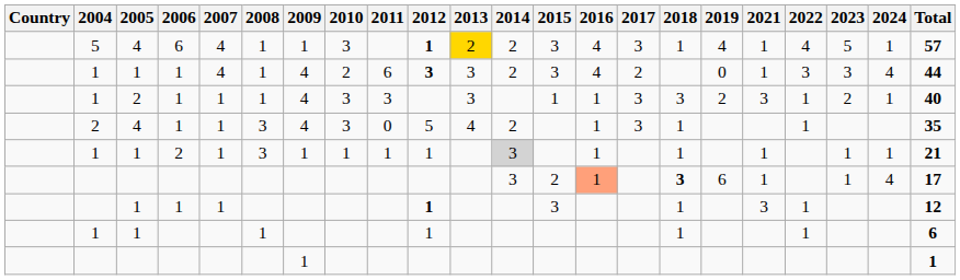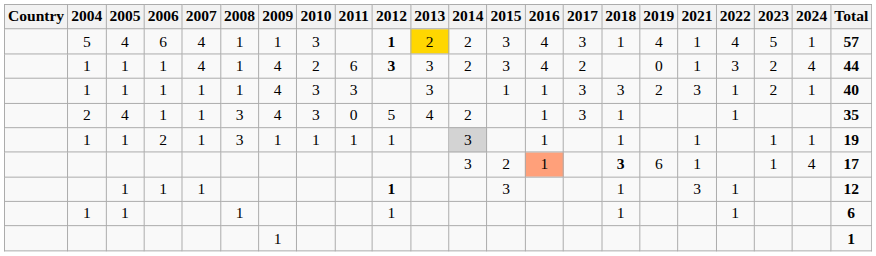 <table class="wikitable" style="text-align: center;">
 <tr>
 <th>Country</th>
 <th>2004</th>
 <th>2005</th>
 <th>2006</th>
 <th>2007</th>
 <th>2008</th>
 <th>2009</th>
 <th>2010</th>
 <th>2011</th>
 <th>2012</th>
 <th>2013</th>
 <th>2014</th>
 <th>2015</th>
 <th>2016</th>
 <th>2017</th>
 <th>2018</th>
 <th>2019</th>
 <th>2021</th>
 <th>2022</th>
 <th>2023</th>
 <th>2024</th>
 <th>Total</th>
 </tr>
 <tr>
 <td align="left"></td>
 <td>5</td>
 <td>4</td>
 <td>6</td>
 <td>4</td>
 <td>1</td>
 <td>1</td>
 <td>3</td>
 <td></td>
 <td><strong>1</strong></td>
 <td style="background: gold;">2</td>
 <td>2</td>
 <td>3</td>
 <td>4</td>
 <td>3</td>
 <td>1</td>
 <td>4</td>
 <td>1</td>
 <td>4</td>
 <td>5</td>
 <td>1</td>
 <td><strong>57</strong></td>
 </tr>
 <tr>
 <td align="left"></td>
 <td>1</td>
 <td>1</td>
 <td>1</td>
 <td>4</td>
 <td>1</td>
 <td>4</td>
 <td>2</td>
 <td>6</td>
 <td><strong>3</strong></td>
 <td>3</td>
 <td>2</td>
 <td>3</td>
 <td>4</td>
 <td>2</td>
 <td></td>
 <td>0</td>
 <td>1</td>
 <td>3</td>
-<td>3</td>
+<td>2</td>
 <td>4</td>
 <td><strong>44</strong></td>
 </tr>
 <tr>
 <td align="left"></td>
 <td>1</td>
-<td>2</td>
+<td>1</td>
 <td>1</td>
 <td>1</td>
 <td>1</td>
 <td>4</td>
 <td>3</td>
 <td>3</td>
 <td></td>
 <td>3</td>
 <td></td>
 <td>1</td>
 <td>1</td>
 <td>3</td>
 <td>3</td>
 <td>2</td>
 <td>3</td>
 <td>1</td>
 <td>2</td>
 <td>1</td>
 <td><strong>40</strong></td>
 </tr>
 <tr>
 <td align="left"></td>
 <td>2</td>
 <td>4</td>
 <td>1</td>
 <td>1</td>
 <td>3</td>
 <td>4</td>
 <td>3</td>
 <td>0</td>
 <td>5</td>
 <td>4</td>
 <td>2</td>
 <td></td>
 <td>1</td>
 <td>3</td>
 <td>1</td>
 <td></td>
 <td></td>
 <td>1</td>
 <td></td>
 <td></td>
 <td><strong>35</strong></td>
 </tr>
 <tr>
 <td align="left"></td>
 <td>1</td>
 <td>1</td>
 <td>2</td>
 <td>1</td>
 <td>3</td>
 <td>1</td>
 <td>1</td>
 <td>1</td>
 <td>1</td>
 <td></td>
 <td style="background: lightgrey;">3</td>
 <td></td>
 <td>1</td>
 <td></td>
 <td>1</td>
 <td></td>
 <td>1</td>
 <td></td>
 <td>1</td>
 <td>1</td>
-<td><strong>21</strong></td>
+<td><strong>19</strong></td>
 </tr>
 <tr>
 <td align="left"></td>
 <td></td>
 <td></td>
 <td></td>
 <td></td>
 <td></td>
 <td></td>
 <td></td>
 <td></td>
 <td></td>
 <td></td>
 <td>3</td>
 <td>2</td>
 <td style="background: lightsalmon;">1</td>
 <td></td>
 <td><strong>3</strong></td>
 <td>6</td>
 <td>1</td>
 <td></td>
 <td>1</td>
 <td>4</td>
 <td><strong>17</strong></td>
 </tr>
 <tr>
 <td align="left"></td>
 <td></td>
 <td>1</td>
 <td>1</td>
 <td>1</td>
 <td></td>
 <td></td>
 <td></td>
 <td></td>
 <td><strong>1</strong></td>
 <td></td>
 <td></td>
 <td>3</td>
 <td></td>
 <td></td>
 <td>1</td>
 <td></td>
 <td>3</td>
 <td>1</td>
 <td></td>
 <td></td>
 <td><strong>12</strong></td>
 </tr>
 <tr>
 <td align="left"></td>
 <td>1</td>
 <td>1</td>
 <td></td>
 <td></td>
 <td>1</td>
 <td></td>
 <td></td>
 <td></td>
 <td>1</td>
 <td></td>
 <td></td>
 <td></td>
 <td></td>
 <td></td>
 <td>1</td>
 <td></td>
 <td></td>
 <td>1</td>
 <td></td>
 <td></td>
 <td><strong>6</strong></td>
 </tr>
 <tr>
 <td align="left"></td>
 <td></td>
 <td></td>
 <td></td>
 <td></td>
 <td></td>
 <td>1</td>
 <td></td>
 <td></td>
 <td></td>
 <td></td>
 <td></td>
 <td></td>
 <td></td>
 <td></td>
 <td></td>
 <td></td>
 <td></td>
 <td></td>
 <td></td>
 <td></td>
 <td><strong>1</strong></td>
 </tr>
 </table>
